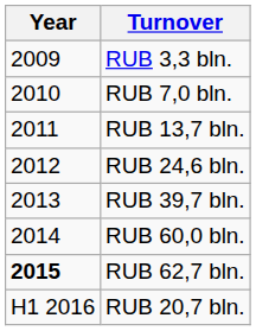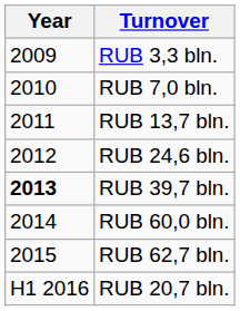 <table class="wikitable">
 <tr>
 <th>Year</th>
 <th><a href='#'>Turnover</a></th>
 </tr>
 <tr>
 <td>2009</td>
 <td><a href='#'>RUB</a> 3,3 bln.</td>
 </tr>
 <tr>
 <td>2010</td>
 <td>RUB 7,0 bln.</td>
 </tr>
 <tr>
 <td>2011</td>
 <td>RUB 13,7 bln.</td>
 </tr>
 <tr>
 <td>2012</td>
 <td>RUB 24,6 bln.</td>
 </tr>
 <tr>
-<td>2013</td>
+<td><strong>2013</strong></td>
 <td>RUB 39,7 bln.</td>
 </tr>
 <tr>
 <td>2014</td>
 <td>RUB 60,0 bln.</td>
 </tr>
 <tr>
-<td><strong>2015</strong></td>
+<td>2015</td>
 <td>RUB 62,7 bln.</td>
 </tr>
 <tr>
 <td>H1 2016</td>
 <td>RUB 20,7 bln.</td>
 </tr>
 </table>
